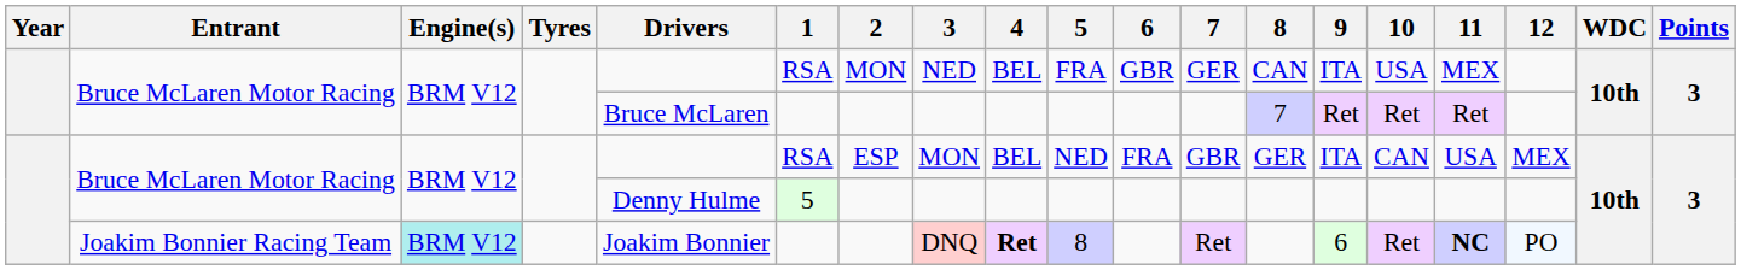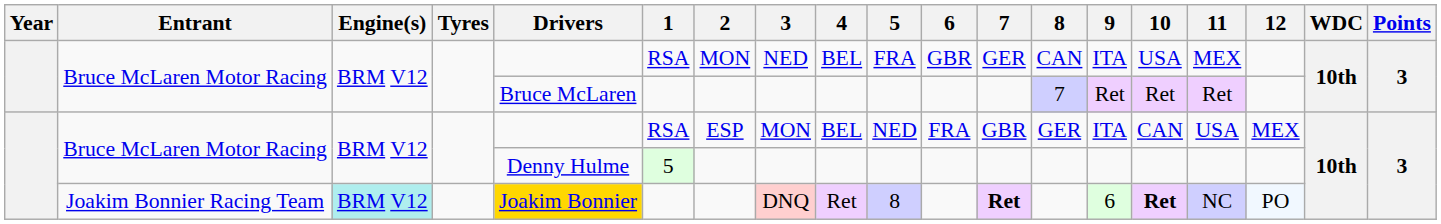 <table class="wikitable" style="text-align:center; font-size:95%">
 <tr>
 <th>Year</th>
 <th>Entrant</th>
 <th>Engine(s)</th>
 <th>Tyres</th>
 <th>Drivers</th>
 <th>1</th>
 <th>2</th>
 <th>3</th>
 <th>4</th>
 <th>5</th>
 <th>6</th>
 <th>7</th>
 <th>8</th>
 <th>9</th>
 <th>10</th>
 <th>11</th>
 <th>12</th>
 <th>WDC</th>
 <th><a href='#'>Points</a></th>
 </tr>
 <tr>
 <th rowspan="2"></th>
 <td rowspan="2"><a href='#'>Bruce McLaren Motor Racing</a></td>
 <td rowspan="2"><a href='#'>BRM</a> <a href='#'>V12</a></td>
 <td rowspan="2"></td>
 <td></td>
 <td><a href='#'>RSA</a></td>
 <td><a href='#'>MON</a></td>
 <td><a href='#'>NED</a></td>
 <td><a href='#'>BEL</a></td>
 <td><a href='#'>FRA</a></td>
 <td><a href='#'>GBR</a></td>
 <td><a href='#'>GER</a></td>
 <td><a href='#'>CAN</a></td>
 <td><a href='#'>ITA</a></td>
 <td><a href='#'>USA</a></td>
 <td><a href='#'>MEX</a></td>
 <td></td>
 <th rowspan="2">10th</th>
 <th rowspan="2">3</th>
 </tr>
 <tr>
 <td><a href='#'>Bruce McLaren</a></td>
 <td></td>
 <td></td>
 <td></td>
 <td></td>
 <td></td>
 <td></td>
 <td></td>
 <td style="background:#cfcfff;">7</td>
 <td style="background:#efcfff;">Ret</td>
 <td style="background:#efcfff;">Ret</td>
 <td style="background:#efcfff;">Ret</td>
 <td></td>
 </tr>
 <tr>
 <th rowspan="3"></th>
 <td rowspan="2"><a href='#'>Bruce McLaren Motor Racing</a></td>
 <td rowspan="2"><a href='#'>BRM</a> <a href='#'>V12</a></td>
 <td rowspan="2"></td>
 <td></td>
 <td><a href='#'>RSA</a></td>
 <td><a href='#'>ESP</a></td>
 <td><a href='#'>MON</a></td>
 <td><a href='#'>BEL</a></td>
 <td><a href='#'>NED</a></td>
 <td><a href='#'>FRA</a></td>
 <td><a href='#'>GBR</a></td>
 <td><a href='#'>GER</a></td>
 <td><a href='#'>ITA</a></td>
 <td><a href='#'>CAN</a></td>
 <td><a href='#'>USA</a></td>
 <td><a href='#'>MEX</a></td>
 <th rowspan="3">10th</th>
 <th rowspan="3">3</th>
 </tr>
 <tr>
 <td><a href='#'>Denny Hulme</a></td>
 <td style="background:#dfffdf;">5</td>
 <td></td>
 <td></td>
 <td></td>
 <td></td>
 <td></td>
 <td></td>
 <td></td>
 <td></td>
 <td></td>
 <td></td>
 <td></td>
 </tr>
 <tr>
 <td><a href='#'>Joakim Bonnier Racing Team</a></td>
 <td style="background: paleturquoise;"><a href='#'>BRM</a> <a href='#'>V12</a></td>
 <td></td>
-<td><a href='#'>Joakim Bonnier</a></td>
+<td style="background: gold;"><a href='#'>Joakim Bonnier</a></td>
 <td></td>
 <td></td>
 <td style="background:#FFCFCF;">DNQ</td>
-<td style="background:#efcfff;"><strong>Ret</strong></td>
+<td style="background:#efcfff;">Ret</td>
 <td style="background:#cfcfff;">8</td>
 <td></td>
-<td style="background:#efcfff;">Ret</td>
+<td style="background:#efcfff;"><strong>Ret</strong></td>
 <td></td>
 <td style="background:#dfffdf;">6</td>
-<td style="background:#efcfff;">Ret</td>
-<td style="background:#cfcfff;"><strong>NC</strong></td>
+<td style="background:#efcfff;"><strong>Ret</strong></td>
+<td style="background:#cfcfff;">NC</td>
 <td style="background:#F1F8FF;">PO</td>
 </tr>
 </table>
